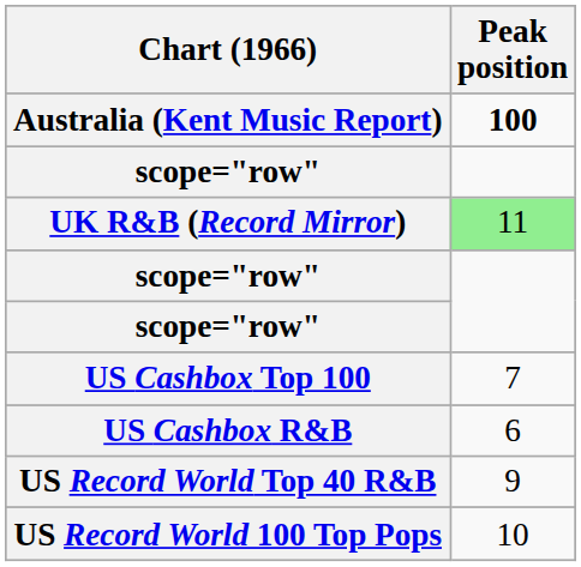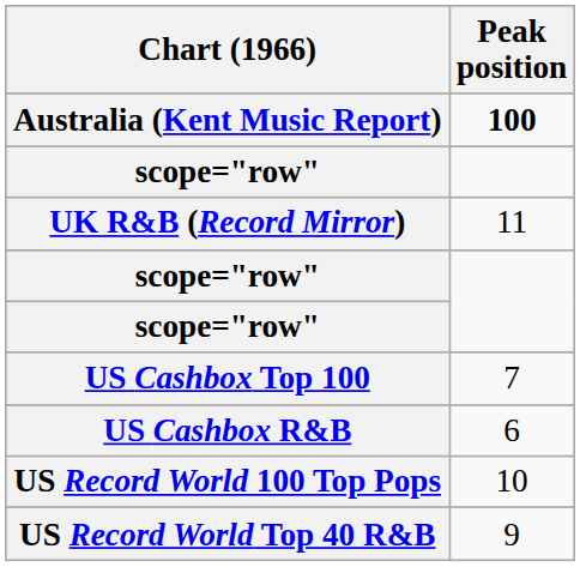 <table class="wikitable sortable plainrowheaders">
 <tr>
 <th scope="col">Chart (1966)</th>
 <th scope="col">Peak<br>position</th>
 </tr>
 <tr>
 <th scope="row">Australia (<a href='#'>Kent Music Report</a>)</th>
 <td align="center"><strong>100</strong></td>
 </tr>
 <tr>
 <th>scope="row" </th>
 </tr>
 <tr>
 <th scope="row"><a href='#'>UK R&B</a> (<em><a href='#'>Record Mirror</a></em>)</th>
-<td align="center" style="background: lightgreen;">11</td>
+<td align="center">11</td>
 </tr>
 <tr>
 <th>scope="row" </th>
 </tr>
 <tr>
 <th>scope="row" </th>
 </tr>
 <tr>
 <th scope="row"><a href='#'>US <em>Cashbox</em> Top 100</a></th>
 <td style="text-align:center;">7</td>
 </tr>
 <tr>
 <th scope="row"><a href='#'>US <em>Cashbox</em> R&B</a></th>
 <td style="text-align:center;">6</td>
 </tr>
 <tr>
+<th scope="row">US <a href='#'><em>Record World</em> 100 Top Pops</a></th>
+<td style="text-align:center;">10</td>
+</tr>
+<tr>
 <th scope="row">US <a href='#'><em>Record World</em> Top 40 R&B</a></th>
 <td style="text-align:center;">9</td>
 </tr>
-<tr>
-<th scope="row">US <a href='#'><em>Record World</em> 100 Top Pops</a></th>
-<td style="text-align:center;">10</td>
-</tr>
 </table>
